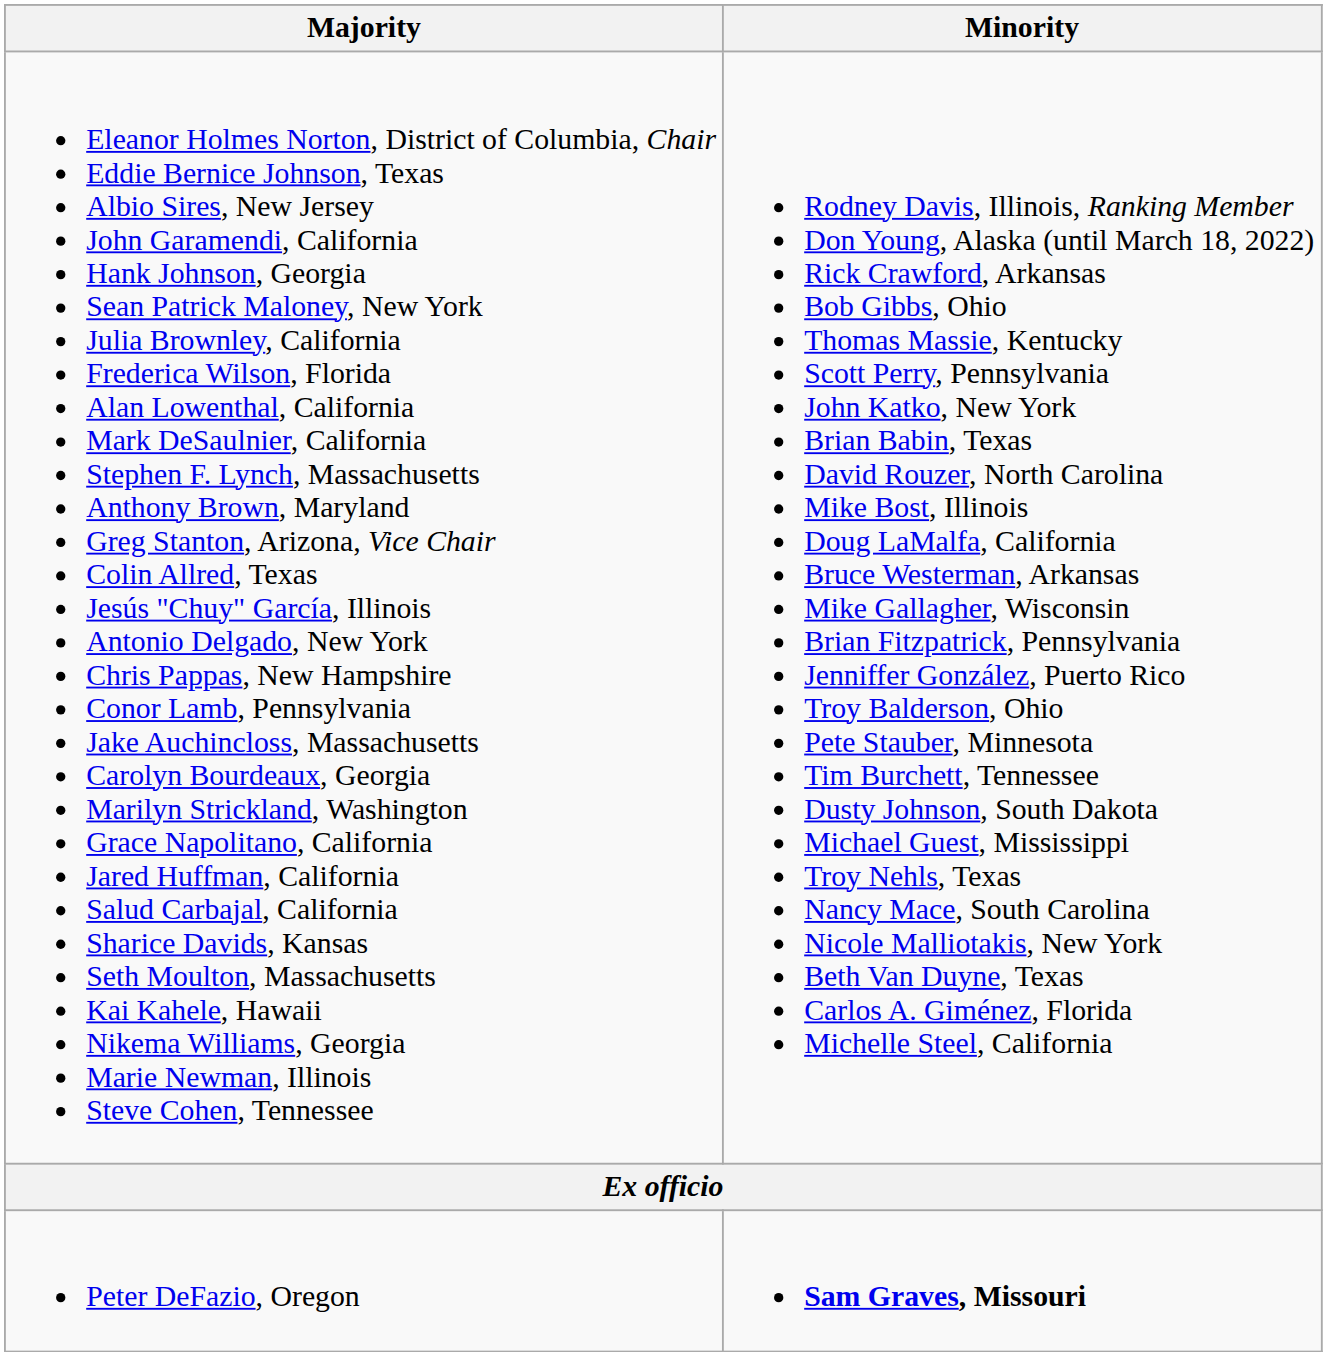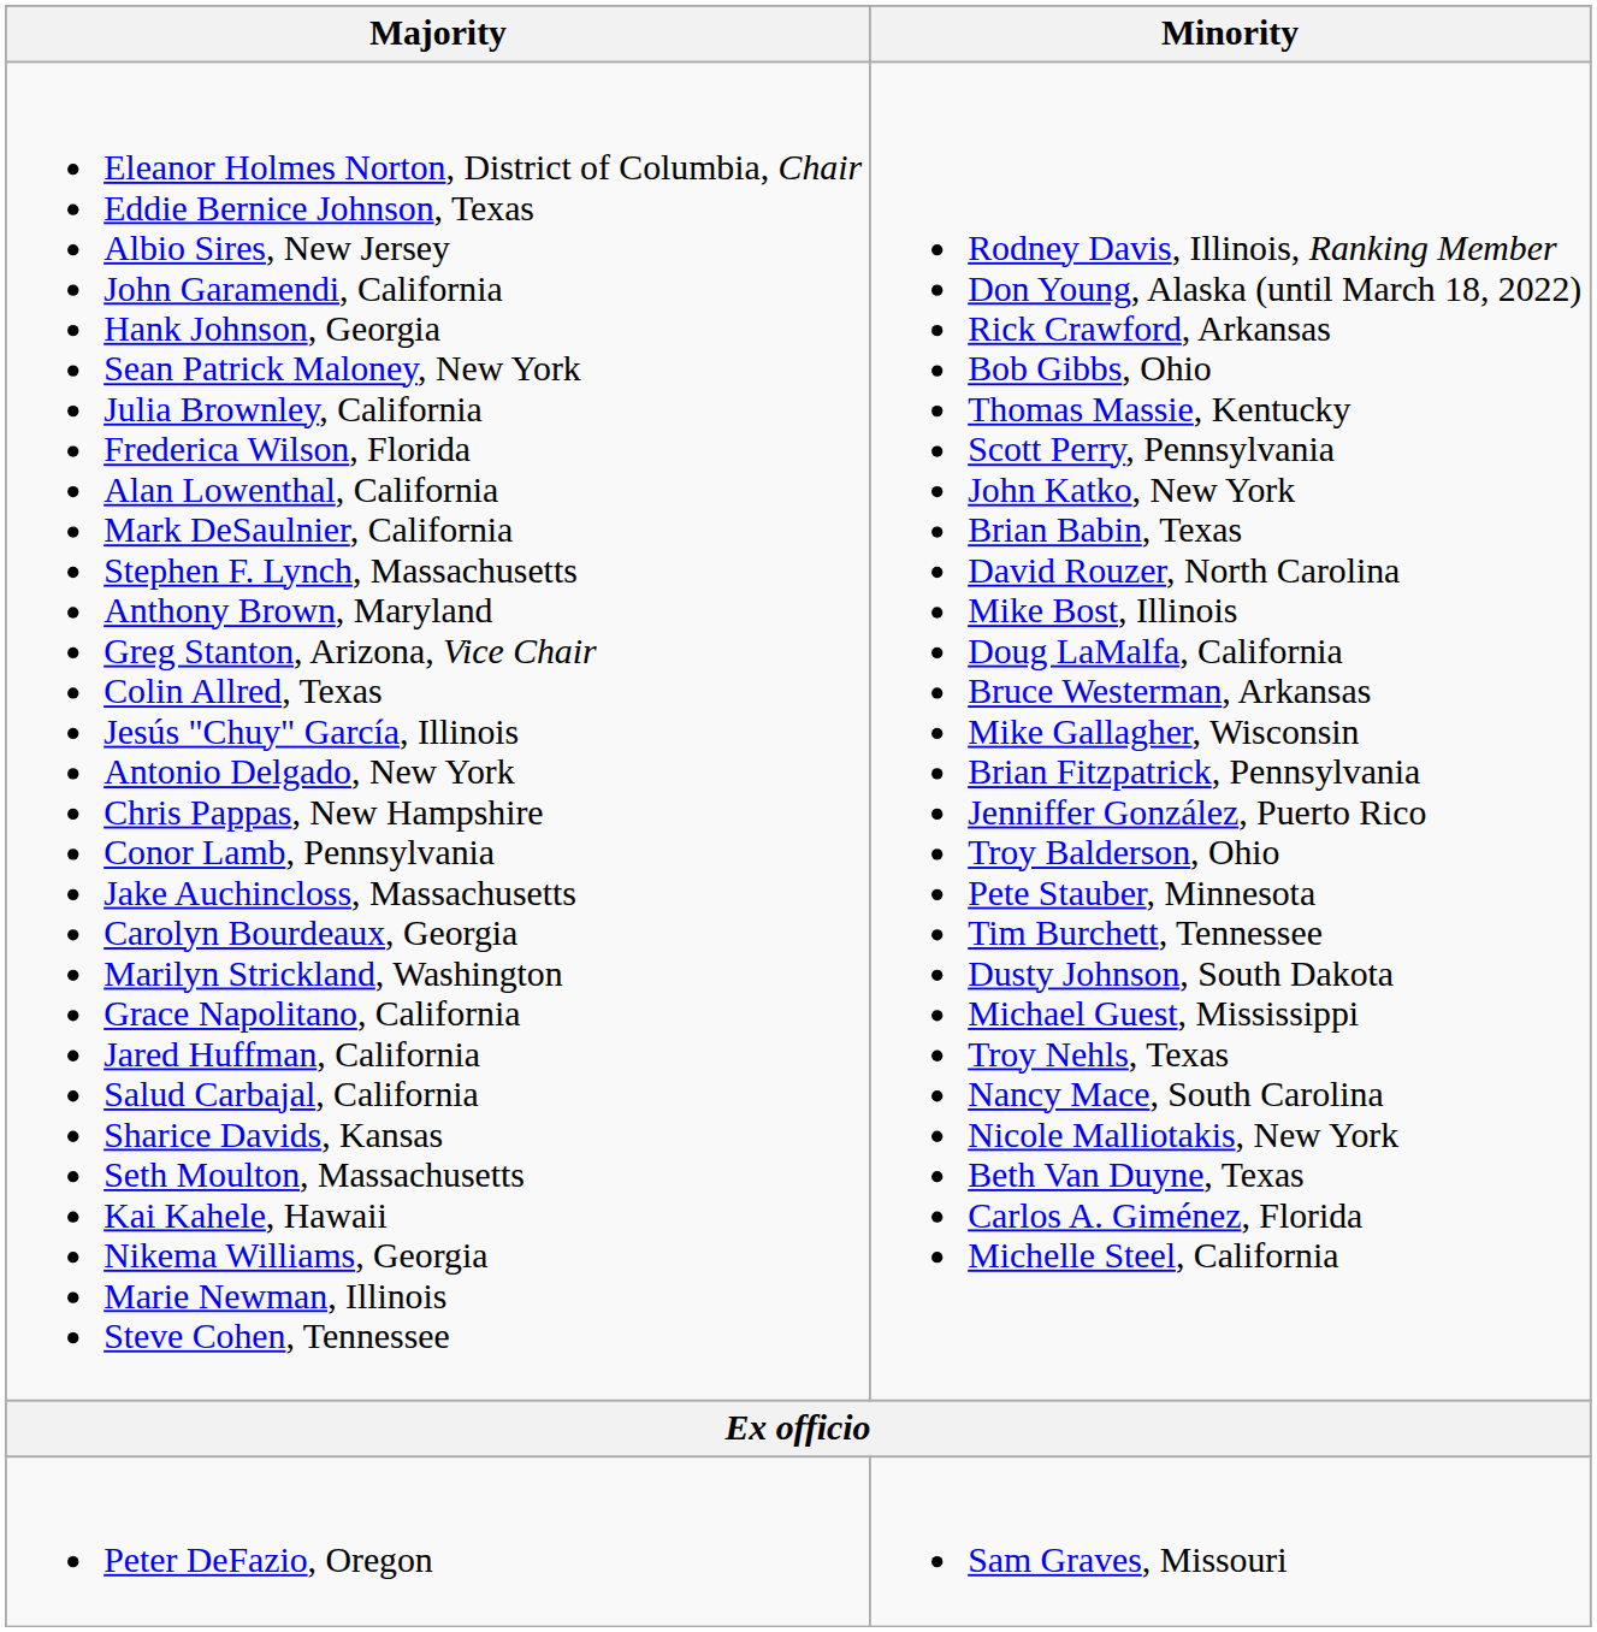 <table class=wikitable>
 <tr>
 <th>Majority</th>
 <th>Minority</th>
 </tr>
 <tr>
 <td><br><ul><li><a href='#'>Eleanor Holmes Norton</a>, District of Columbia, <em>Chair</em></li><li><a href='#'>Eddie Bernice Johnson</a>, Texas</li><li><a href='#'>Albio Sires</a>, New Jersey</li><li><a href='#'>John Garamendi</a>, California</li><li><a href='#'>Hank Johnson</a>, Georgia</li><li><a href='#'>Sean Patrick Maloney</a>, New York</li><li><a href='#'>Julia Brownley</a>, California</li><li><a href='#'>Frederica Wilson</a>, Florida</li><li><a href='#'>Alan Lowenthal</a>, California</li><li><a href='#'>Mark DeSaulnier</a>, California</li><li><a href='#'>Stephen F. Lynch</a>, Massachusetts</li><li><a href='#'>Anthony Brown</a>, Maryland</li><li><a href='#'>Greg Stanton</a>, Arizona, <em>Vice Chair</em></li><li><a href='#'>Colin Allred</a>, Texas</li><li><a href='#'>Jesús "Chuy" García</a>, Illinois</li><li><a href='#'>Antonio Delgado</a>, New York</li><li><a href='#'>Chris Pappas</a>, New Hampshire</li><li><a href='#'>Conor Lamb</a>, Pennsylvania</li><li><a href='#'>Jake Auchincloss</a>, Massachusetts</li><li><a href='#'>Carolyn Bourdeaux</a>, Georgia</li><li><a href='#'>Marilyn Strickland</a>, Washington</li><li><a href='#'>Grace Napolitano</a>, California</li><li><a href='#'>Jared Huffman</a>, California</li><li><a href='#'>Salud Carbajal</a>, California</li><li><a href='#'>Sharice Davids</a>, Kansas</li><li><a href='#'>Seth Moulton</a>, Massachusetts</li><li><a href='#'>Kai Kahele</a>, Hawaii</li><li><a href='#'>Nikema Williams</a>, Georgia</li><li><a href='#'>Marie Newman</a>, Illinois</li><li><a href='#'>Steve Cohen</a>, Tennessee</li></ul></td>
 <td><br><ul><li><a href='#'>Rodney Davis</a>, Illinois, <em>Ranking Member</em></li><li><a href='#'>Don Young</a>, Alaska (until March 18, 2022)</li><li><a href='#'>Rick Crawford</a>, Arkansas</li><li><a href='#'>Bob Gibbs</a>, Ohio</li><li><a href='#'>Thomas Massie</a>, Kentucky</li><li><a href='#'>Scott Perry</a>, Pennsylvania</li><li><a href='#'>John Katko</a>, New York</li><li><a href='#'>Brian Babin</a>, Texas</li><li><a href='#'>David Rouzer</a>, North Carolina</li><li><a href='#'>Mike Bost</a>, Illinois</li><li><a href='#'>Doug LaMalfa</a>, California</li><li><a href='#'>Bruce Westerman</a>, Arkansas</li><li><a href='#'>Mike Gallagher</a>, Wisconsin</li><li><a href='#'>Brian Fitzpatrick</a>, Pennsylvania</li><li><a href='#'>Jenniffer González</a>, Puerto Rico</li><li><a href='#'>Troy Balderson</a>, Ohio</li><li><a href='#'>Pete Stauber</a>, Minnesota</li><li><a href='#'>Tim Burchett</a>, Tennessee</li><li><a href='#'>Dusty Johnson</a>, South Dakota</li><li><a href='#'>Michael Guest</a>, Mississippi</li><li><a href='#'>Troy Nehls</a>, Texas</li><li><a href='#'>Nancy Mace</a>, South Carolina</li><li><a href='#'>Nicole Malliotakis</a>, New York</li><li><a href='#'>Beth Van Duyne</a>, Texas</li><li><a href='#'>Carlos A. Giménez</a>, Florida</li><li><a href='#'>Michelle Steel</a>, California</li></ul></td>
 </tr>
 <tr>
 <th colspan=2><em>Ex officio</em></th>
 </tr>
 <tr>
 <td><br><ul><li><a href='#'>Peter DeFazio</a>, Oregon</li></ul></td>
-<td><strong><br><ul><li><a href='#'>Sam Graves</a>, Missouri</li></ul></strong></td>
+<td><br><ul><li><a href='#'>Sam Graves</a>, Missouri</li></ul></td>
 </tr>
 </table>
